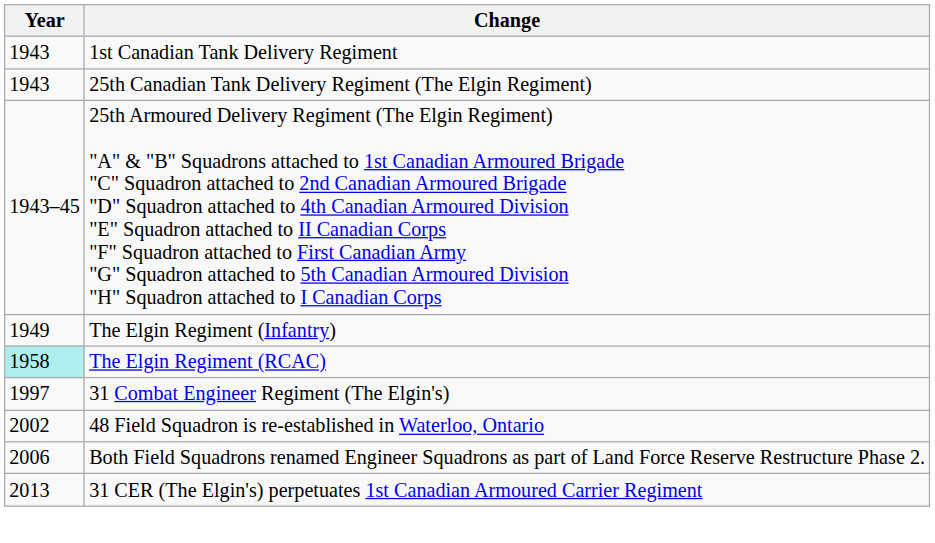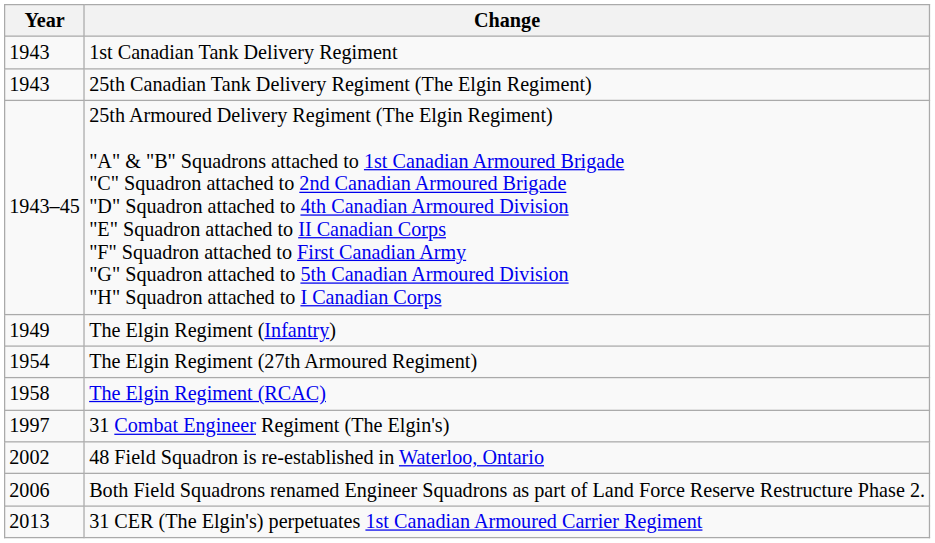 <table class="wikitable">
 <tr>
 <th>Year</th>
 <th>Change</th>
 </tr>
 <tr>
 <td>1943</td>
 <td>1st Canadian Tank Delivery Regiment</td>
 </tr>
 <tr>
 <td>1943</td>
 <td>25th Canadian Tank Delivery Regiment (The Elgin Regiment)</td>
 </tr>
 <tr>
 <td>1943–45</td>
 <td>25th Armoured Delivery Regiment (The Elgin Regiment)<br><br>"A" & "B" Squadrons attached to <a href='#'>1st Canadian Armoured Brigade</a><br> "C" Squadron attached to <a href='#'>2nd Canadian Armoured Brigade</a><br> "D" Squadron attached to <a href='#'>4th Canadian Armoured Division</a><br> "E" Squadron attached to <a href='#'>II Canadian Corps</a><br> "F" Squadron attached to <a href='#'>First Canadian Army</a><br> "G" Squadron attached to <a href='#'>5th Canadian Armoured Division</a><br> "H" Squadron attached to <a href='#'>I Canadian Corps</a></td>
 </tr>
 <tr>
 <td>1949</td>
 <td>The Elgin Regiment (<a href='#'>Infantry</a>)</td>
 </tr>
 <tr>
-<td style="background: paleturquoise;">1958</td>
+<td>1954</td>
+<td>The Elgin Regiment (27th Armoured Regiment)</td>
+</tr>
+<tr>
+<td>1958</td>
 <td><a href='#'>The Elgin Regiment (RCAC)</a></td>
 </tr>
 <tr>
 <td>1997</td>
 <td>31 <a href='#'>Combat Engineer</a> Regiment (The Elgin's)</td>
 </tr>
 <tr>
 <td>2002</td>
 <td>48 Field Squadron is re-established in <a href='#'>Waterloo, Ontario</a></td>
 </tr>
 <tr>
 <td>2006</td>
 <td>Both Field Squadrons renamed Engineer Squadrons as part of Land Force Reserve Restructure Phase 2.</td>
 </tr>
 <tr>
 <td>2013</td>
 <td>31 CER (The Elgin's) perpetuates <a href='#'>1st Canadian Armoured Carrier Regiment</a></td>
 </tr>
 </table>
